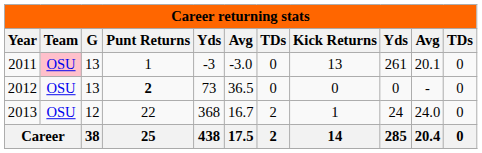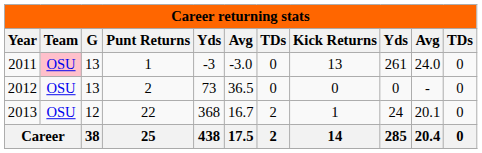 <table class="wikitable" style="font-size:95%">
 <tr>
 <td colspan="11" style="text-align:center;background-color:#FF6600;"><strong>Career returning stats</strong></td>
 </tr>
 <tr>
 <th>Year</th>
 <th>Team</th>
 <th>G</th>
 <th>Punt Returns</th>
 <th>Yds</th>
 <th>Avg</th>
 <th>TDs</th>
 <th>Kick Returns</th>
 <th>Yds</th>
 <th>Avg</th>
 <th>TDs</th>
 </tr>
 <tr align="center">
 <td>2011</td>
 <td style="background: pink;"><a href='#'>OSU</a></td>
 <td>13</td>
 <td>1</td>
 <td>-3</td>
 <td>-3.0</td>
 <td>0</td>
 <td>13</td>
 <td>261</td>
-<td>20.1</td>
+<td>24.0</td>
 <td>0</td>
 </tr>
 <tr align="center">
 <td>2012</td>
 <td><a href='#'>OSU</a></td>
 <td>13</td>
-<td><strong>2</strong></td>
+<td>2</td>
 <td>73</td>
 <td>36.5</td>
 <td>0</td>
 <td>0</td>
 <td>0</td>
 <td>-</td>
 <td>0</td>
 </tr>
 <tr align="center">
 <td>2013</td>
 <td><a href='#'>OSU</a></td>
 <td>12</td>
 <td>22</td>
 <td>368</td>
 <td>16.7</td>
 <td>2</td>
 <td>1</td>
 <td>24</td>
-<td>24.0</td>
+<td>20.1</td>
 <td>0</td>
 </tr>
 <tr align="center">
 <th colspan="2">Career</th>
 <th>38</th>
 <th>25</th>
 <th>438</th>
 <th>17.5</th>
 <th>2</th>
 <th>14</th>
 <th>285</th>
 <th>20.4</th>
 <th>0</th>
 </tr>
 <tr align="center">
 </tr>
 </table>
